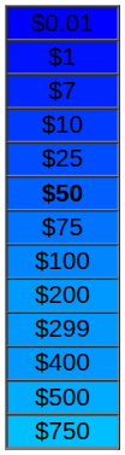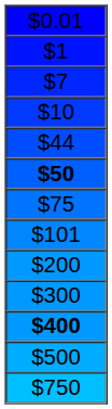 <table border=1 cellspacing=0 cellpadding=1 width=75px|->
 <tr>
 <td bgcolor="#0000FF" align=center><span>$0.01</span></td>
 </tr>
 <tr>
 <td bgcolor="#0013FF" align=center><span>$1</span></td>
 </tr>
 <tr>
 <td bgcolor="#0026FF" align=center><span>$7</span></td>
 </tr>
 <tr>
 <td bgcolor="#0039FF" align=center><span>$10</span></td>
 </tr>
 <tr>
-<td bgcolor="#004DFF" align=center><span>$25</span></td>
+<td bgcolor="#004DFF" align=center><span>$44</span></td>
 </tr>
 <tr>
 <td bgcolor="#0060FF" align=center><strong><span>$50</span></strong></td>
 </tr>
 <tr>
 <td bgcolor="#0073FF" align=center><span>$75</span></td>
 </tr>
 <tr>
-<td bgcolor="#0086FF" align=center><span>$100</span></td>
+<td bgcolor="#0086FF" align=center><span>$101</span></td>
 </tr>
 <tr>
 <td bgcolor="#0099FF" align=center><span>$200</span></td>
 </tr>
 <tr>
-<td bgcolor="#0099FF" align=center><span>$299</span></td>
+<td bgcolor="#0099FF" align=center><span>$300</span></td>
 </tr>
 <tr>
-<td bgcolor="#0099FF" align=center><span>$400</span></td>
+<td bgcolor="#0099FF" align=center><strong><span>$400</span></strong></td>
 </tr>
 <tr>
 <td bgcolor="#00ACFF" align=center><span>$500</span></td>
 </tr>
 <tr>
 <td bgcolor="#00BFFF" align=center><span>$750</span></td>
 </tr>
 </table>
